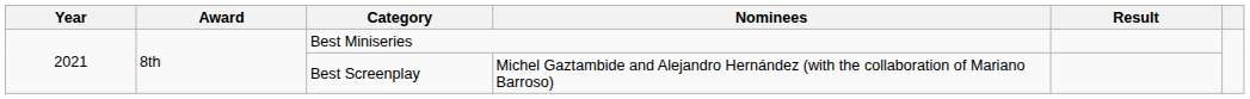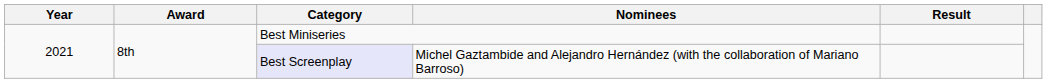 <table class="wikitable sortable plainrowheaders" style="font-size:95%; width:99%;">
 <tr>
 <th>Year</th>
 <th>Award</th>
 <th style="width:15%;">Category</th>
 <th style="width:45%;">Nominees</th>
 <th>Result</th>
 <th scope="col" class="unsortable"></th>
 </tr>
 <tr>
 <td rowspan = 2 align = "center">2021</td>
 <td rowspan = 2>8th </td>
 <td colspan = 2>Best Miniseries</td>
 <td></td>
 <td align = "center" rowspan = "2"></td>
 </tr>
 <tr>
-<td>Best Screenplay</td>
+<td style="background: lavender;">Best Screenplay</td>
 <td>Michel Gaztambide and Alejandro Hernández (with the collaboration of Mariano Barroso)</td>
 <td></td>
 </tr>
 </table>
